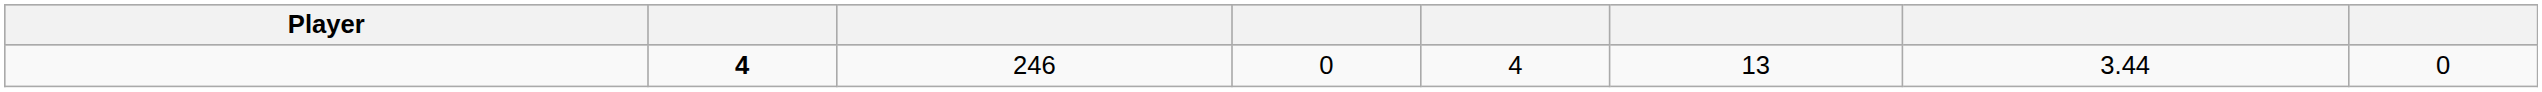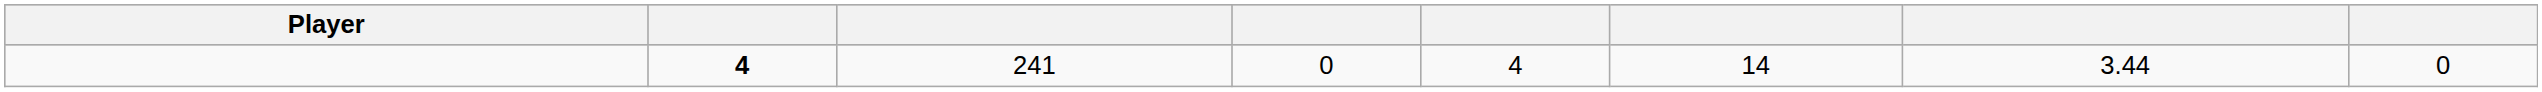 <table class="wikitable sortable" style="width:100%;">
 <tr style="text-align:center; background:#ddd;">
 <th>Player</th>
 <th></th>
 <th></th>
 <th></th>
 <th></th>
 <th></th>
 <th></th>
 <th></th>
 </tr>
 <tr align=center>
 <td></td>
 <td><strong>4</strong></td>
-<td>246</td>
+<td>241</td>
 <td>0</td>
 <td>4</td>
-<td>13</td>
+<td>14</td>
 <td>3.44</td>
 <td>0</td>
 </tr>
 </table>
